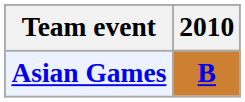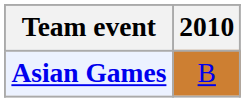 <table class="wikitable" style="font-size: 90%; text-align:center">
 <tr>
 <th>Team event</th>
 <th>2010</th>
 </tr>
 <tr>
 <td bgcolor="#ECF2FF"; align="left"><strong><a href='#'>Asian Games</a></strong></td>
-<td bgcolor=CD7F32><strong><a href='#'>B</a></strong></td>
+<td bgcolor=CD7F32><a href='#'>B</a></td>
 </tr>
 </table>
